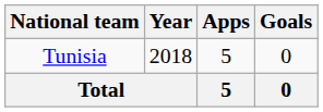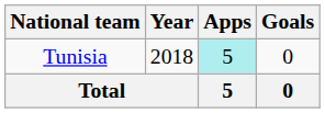 <table class="wikitable" style="text-align:center">
 <tr>
 <th>National team</th>
 <th>Year</th>
 <th>Apps</th>
 <th>Goals</th>
 </tr>
 <tr>
 <td><a href='#'>Tunisia</a></td>
 <td>2018</td>
-<td>5</td>
+<td style="background: paleturquoise;">5</td>
 <td>0</td>
 </tr>
 <tr>
 <th colspan="2">Total</th>
 <th>5</th>
 <th>0</th>
 </tr>
 </table>
